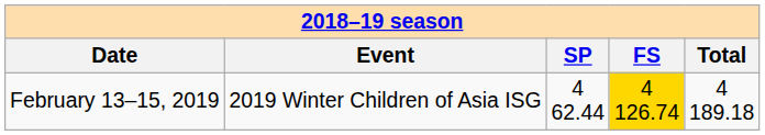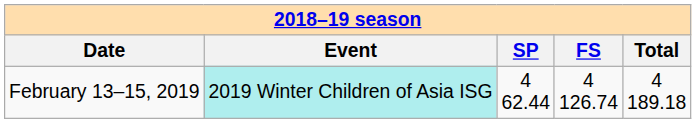 <table class="wikitable">
 <tr>
 <td style="background-color: #ffdead; " colspan=6 align=center><a href='#'><strong>2018–19 season</strong></a></td>
 </tr>
 <tr>
 <th>Date</th>
 <th>Event</th>
 <th><a href='#'>SP</a></th>
 <th><a href='#'>FS</a></th>
 <th>Total</th>
 </tr>
 <tr>
 <td>February 13–15, 2019</td>
-<td>2019 Winter Children of Asia ISG</td>
+<td style="background: paleturquoise;">2019 Winter Children of Asia ISG</td>
 <td align=center>4 <br> 62.44</td>
-<td align=center style="background: gold;">4 <br> 126.74</td>
+<td align=center>4 <br> 126.74</td>
 <td align=center>4 <br> 189.18</td>
 </tr>
 </table>
